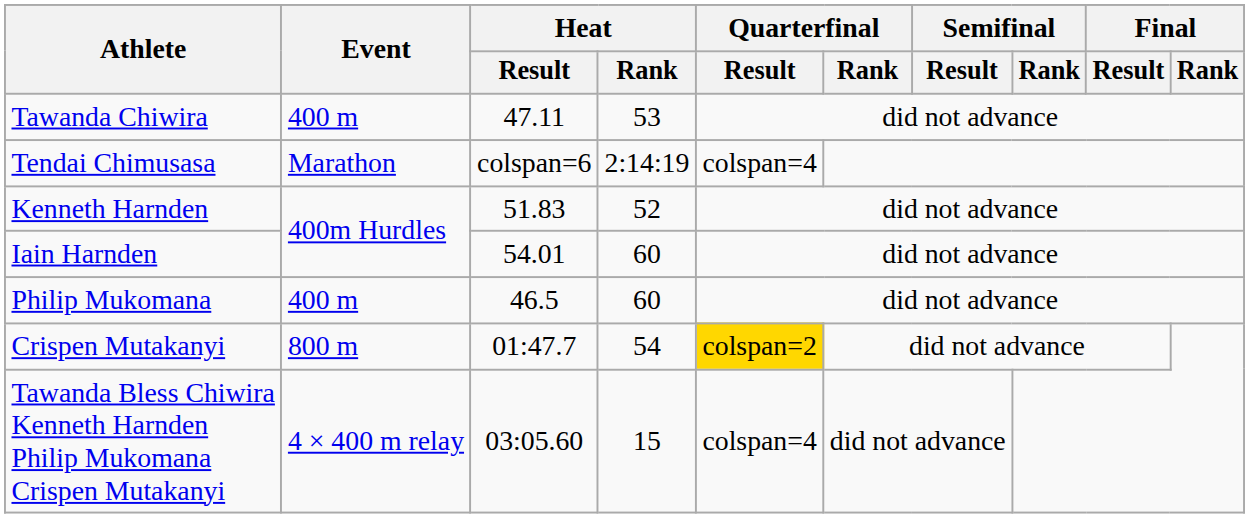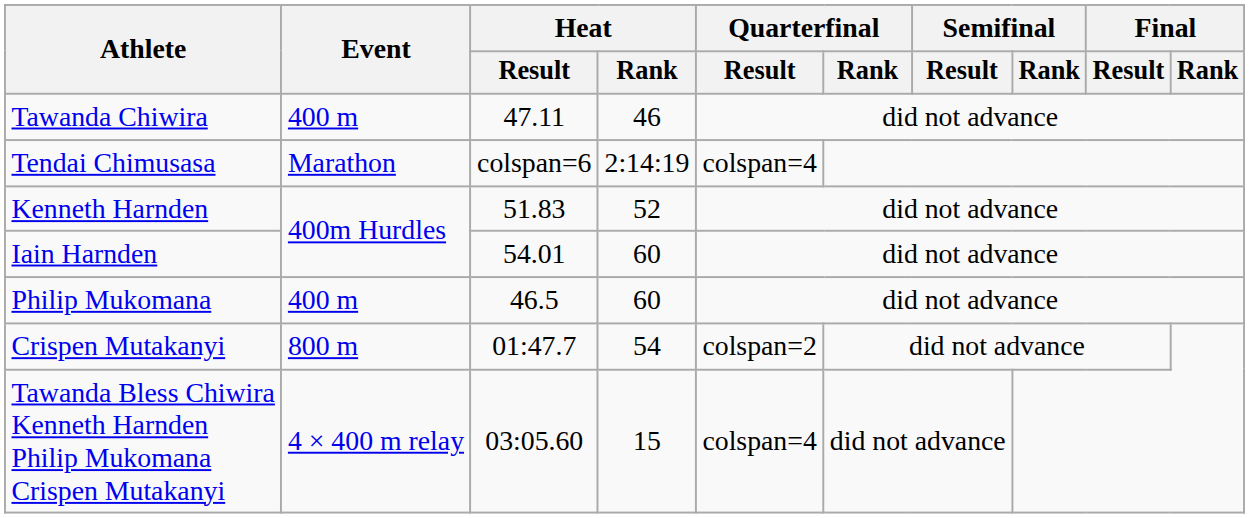 <table class=wikitable style="font-size:90%">
 <tr>
 <th rowspan="2">Athlete</th>
 <th rowspan="2">Event</th>
 <th colspan="2">Heat</th>
 <th colspan="2">Quarterfinal</th>
 <th colspan="2">Semifinal</th>
 <th colspan="2">Final</th>
 </tr>
 <tr style="font-size:95%">
 <th>Result</th>
 <th>Rank</th>
 <th>Result</th>
 <th>Rank</th>
 <th>Result</th>
 <th>Rank</th>
 <th>Result</th>
 <th>Rank</th>
 </tr>
 <tr align=center>
 <td align=left><a href='#'>Tawanda Chiwira</a></td>
 <td align=left><a href='#'>400 m</a></td>
 <td>47.11</td>
-<td>53</td>
+<td>46</td>
 <td colspan=6>did not advance</td>
 </tr>
 <tr align=center>
 <td align=left><a href='#'>Tendai Chimusasa</a></td>
 <td align=left><a href='#'>Marathon</a></td>
 <td>colspan=6 </td>
 <td>2:14:19</td>
 <td>colspan=4 </td>
 </tr>
 <tr align=center>
 <td align=left><a href='#'>Kenneth Harnden</a></td>
 <td align=left rowspan=2><a href='#'>400m Hurdles</a></td>
 <td>51.83</td>
 <td>52</td>
 <td colspan=6>did not advance</td>
 </tr>
 <tr align=center>
 <td align=left><a href='#'>Iain Harnden</a></td>
 <td>54.01</td>
 <td>60</td>
 <td colspan=6>did not advance</td>
 </tr>
 <tr align=center>
 <td align=left><a href='#'>Philip Mukomana</a></td>
 <td align=left><a href='#'>400 m</a></td>
 <td>46.5</td>
 <td>60</td>
 <td colspan=6>did not advance</td>
 </tr>
 <tr align=center>
 <td align=left><a href='#'>Crispen Mutakanyi</a></td>
 <td align=left><a href='#'>800 m</a></td>
 <td>01:47.7</td>
 <td>54</td>
-<td style="background: gold;">colspan=2 </td>
+<td>colspan=2 </td>
 <td colspan=4>did not advance</td>
 </tr>
 <tr align=center>
 <td align=left><a href='#'>Tawanda Bless Chiwira</a><br><a href='#'>Kenneth Harnden</a><br><a href='#'>Philip Mukomana</a><br><a href='#'>Crispen Mutakanyi</a></td>
 <td align=left><a href='#'>4 × 400 m relay</a></td>
 <td>03:05.60</td>
 <td>15</td>
 <td>colspan=4 </td>
 <td colspan=2>did not advance</td>
 </tr>
 </table>
